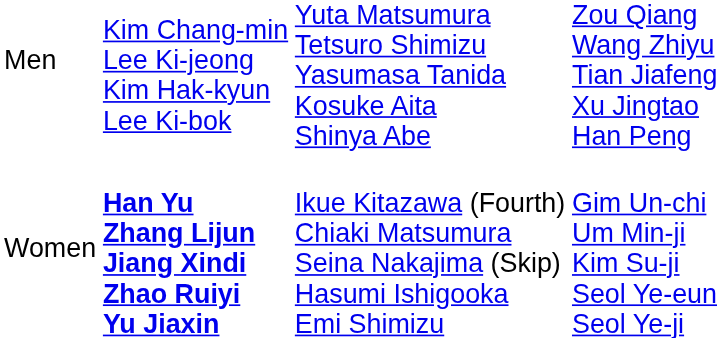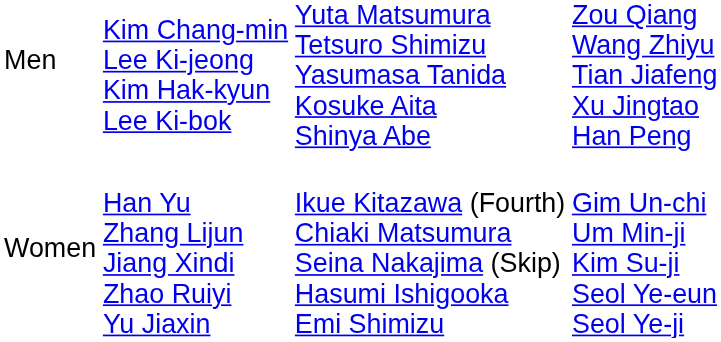 <table>
 <tr>
 <td>Men</td>
 <td><br><a href='#'>Kim Chang-min</a><br><a href='#'>Lee Ki-jeong</a><br><a href='#'>Kim Hak-kyun</a><br><a href='#'>Lee Ki-bok</a></td>
 <td><br><a href='#'>Yuta Matsumura</a><br><a href='#'>Tetsuro Shimizu</a><br><a href='#'>Yasumasa Tanida</a><br><a href='#'>Kosuke Aita</a><br><a href='#'>Shinya Abe</a></td>
 <td><br><a href='#'>Zou Qiang</a><br><a href='#'>Wang Zhiyu</a><br><a href='#'>Tian Jiafeng</a><br><a href='#'>Xu Jingtao</a><br><a href='#'>Han Peng</a></td>
 </tr>
 <tr>
 <td>Women</td>
-<td><strong><br><a href='#'>Han Yu</a><br><a href='#'>Zhang Lijun</a><br><a href='#'>Jiang Xindi</a><br><a href='#'>Zhao Ruiyi</a><br><a href='#'>Yu Jiaxin</a></strong></td>
+<td><br><a href='#'>Han Yu</a><br><a href='#'>Zhang Lijun</a><br><a href='#'>Jiang Xindi</a><br><a href='#'>Zhao Ruiyi</a><br><a href='#'>Yu Jiaxin</a></td>
 <td><br><a href='#'>Ikue Kitazawa</a> (Fourth)<br><a href='#'>Chiaki Matsumura</a><br><a href='#'>Seina Nakajima</a> (Skip)<br><a href='#'>Hasumi Ishigooka</a><br><a href='#'>Emi Shimizu</a></td>
 <td><br><a href='#'>Gim Un-chi</a><br><a href='#'>Um Min-ji</a><br><a href='#'>Kim Su-ji</a><br><a href='#'>Seol Ye-eun</a><br><a href='#'>Seol Ye-ji</a></td>
 </tr>
 </table>
